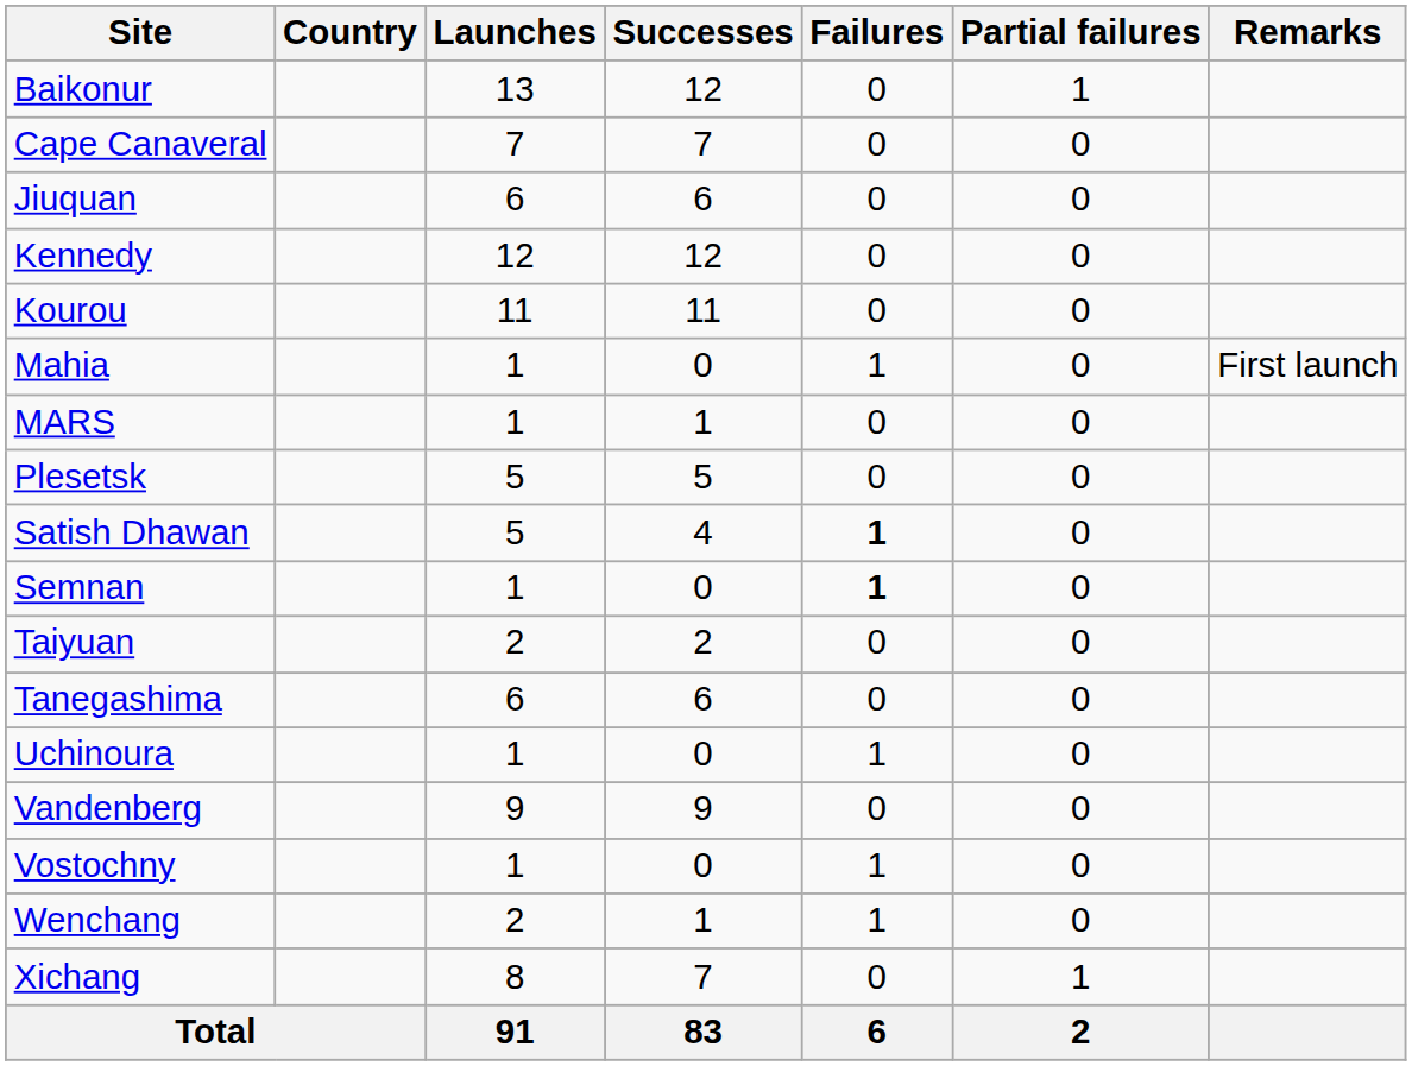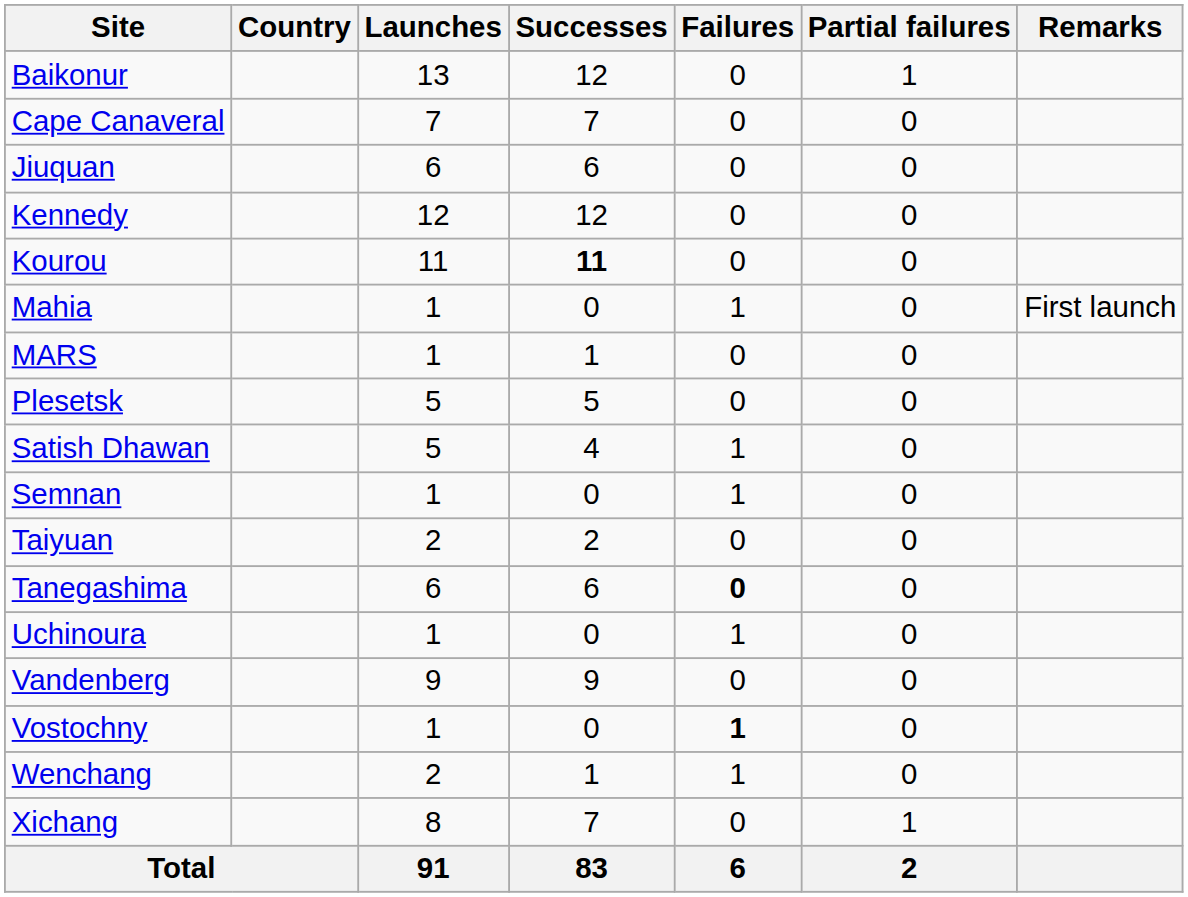 <table class="wikitable sortable" style=text-align:center>
 <tr>
 <th>Site</th>
 <th>Country</th>
 <th>Launches</th>
 <th>Successes</th>
 <th>Failures</th>
 <th>Partial failures</th>
 <th>Remarks</th>
 </tr>
 <tr>
 <td align=left><a href='#'>Baikonur</a></td>
 <td align=left></td>
 <td>13</td>
 <td>12</td>
 <td>0</td>
 <td>1</td>
 <td></td>
 </tr>
 <tr>
 <td align=left><a href='#'>Cape Canaveral</a></td>
 <td align=left></td>
 <td>7</td>
 <td>7</td>
 <td>0</td>
 <td>0</td>
 <td></td>
 </tr>
 <tr>
 <td align=left><a href='#'>Jiuquan</a></td>
 <td align=left></td>
 <td>6</td>
 <td>6</td>
 <td>0</td>
 <td>0</td>
 <td></td>
 </tr>
 <tr>
 <td align=left><a href='#'>Kennedy</a></td>
 <td align=left></td>
 <td>12</td>
 <td>12</td>
 <td>0</td>
 <td>0</td>
 <td></td>
 </tr>
 <tr>
 <td align=left><a href='#'>Kourou</a></td>
 <td align=left></td>
 <td>11</td>
-<td>11</td>
+<td><strong>11</strong></td>
 <td>0</td>
 <td>0</td>
 <td></td>
 </tr>
 <tr>
 <td align=left><a href='#'>Mahia</a></td>
 <td align=left></td>
 <td>1</td>
 <td>0</td>
 <td>1</td>
 <td>0</td>
 <td align=left>First launch</td>
 </tr>
 <tr>
 <td align=left><a href='#'>MARS</a></td>
 <td align=left></td>
 <td>1</td>
 <td>1</td>
 <td>0</td>
 <td>0</td>
 <td></td>
 </tr>
 <tr>
 <td align=left><a href='#'>Plesetsk</a></td>
 <td align=left></td>
 <td>5</td>
 <td>5</td>
 <td>0</td>
 <td>0</td>
 <td></td>
 </tr>
 <tr>
 <td align=left><a href='#'>Satish Dhawan</a></td>
 <td align=left></td>
 <td>5</td>
 <td>4</td>
-<td><strong>1</strong></td>
+<td>1</td>
 <td>0</td>
 <td></td>
 </tr>
 <tr>
 <td align=left><a href='#'>Semnan</a></td>
 <td align=left></td>
 <td>1</td>
 <td>0</td>
-<td><strong>1</strong></td>
+<td>1</td>
 <td>0</td>
 <td></td>
 </tr>
 <tr>
 <td align=left><a href='#'>Taiyuan</a></td>
 <td align=left></td>
 <td>2</td>
 <td>2</td>
 <td>0</td>
 <td>0</td>
 <td></td>
 </tr>
 <tr>
 <td align=left><a href='#'>Tanegashima</a></td>
 <td align=left></td>
 <td>6</td>
 <td>6</td>
-<td>0</td>
+<td><strong>0</strong></td>
 <td>0</td>
 <td></td>
 </tr>
 <tr>
 <td align=left><a href='#'>Uchinoura</a></td>
 <td align=left></td>
 <td>1</td>
 <td>0</td>
 <td>1</td>
 <td>0</td>
 <td></td>
 </tr>
 <tr>
 <td align=left><a href='#'>Vandenberg</a></td>
 <td align=left></td>
 <td>9</td>
 <td>9</td>
 <td>0</td>
 <td>0</td>
 <td></td>
 </tr>
 <tr>
 <td align=left><a href='#'>Vostochny</a></td>
 <td align=left></td>
 <td>1</td>
 <td>0</td>
-<td>1</td>
+<td><strong>1</strong></td>
 <td>0</td>
 <td></td>
 </tr>
 <tr>
 <td align=left><a href='#'>Wenchang</a></td>
 <td align=left></td>
 <td>2</td>
 <td>1</td>
 <td>1</td>
 <td>0</td>
 <td></td>
 </tr>
 <tr>
 <td align=left><a href='#'>Xichang</a></td>
 <td align=left></td>
 <td>8</td>
 <td>7</td>
 <td>0</td>
 <td>1</td>
 <td></td>
 </tr>
 <tr class="sortbottom">
 <th colspan=2>Total</th>
 <th>91</th>
 <th>83</th>
 <th>6</th>
 <th>2</th>
 <th></th>
 </tr>
 </table>
